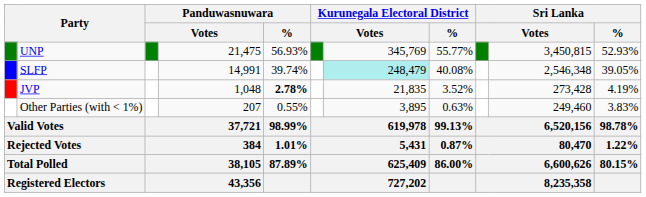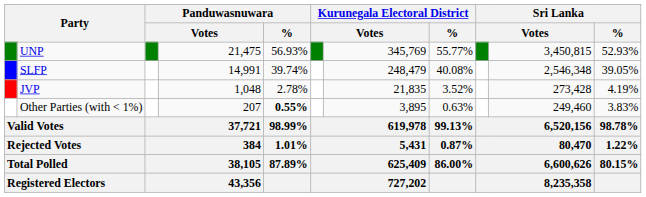 <table class="wikitable">
 <tr>
 <th colspan="2" width="144px"rowspan="2">Party</th>
 <th colspan="3" width="216px">Panduwasnuwara</th>
 <th colspan="3" width="216px"><a href='#'>Kurunegala Electoral District</a></th>
 <th colspan="3" width="216px">Sri Lanka</th>
 </tr>
 <tr>
 <th colspan="2" width="144px">Votes</th>
 <th>%</th>
 <th colspan="2" width="144px">Votes</th>
 <th>%</th>
 <th colspan="2" width="144px">Votes</th>
 <th>%</th>
 </tr>
 <tr>
 <td style="background-color:green;" width="10px"></td>
 <td style="text-align:left;"><a href='#'>UNP</a></td>
 <td style="background-color:green;" width="10px"></td>
 <td style="text-align:right;">21,475</td>
 <td style="text-align:right;">56.93%</td>
 <td style="background-color:green;" width="10px"></td>
 <td style="text-align:right;">345,769</td>
 <td style="text-align:right;">55.77%</td>
 <td style="background-color:green;" width="10px"></td>
 <td style="text-align:right;">3,450,815</td>
 <td style="text-align:right;">52.93%</td>
 </tr>
 <tr>
 <td style="background-color:blue;" width="10px"></td>
 <td style="text-align:left;"><a href='#'>SLFP</a></td>
 <td style="background-color:white;" width="10px"></td>
 <td style="text-align:right;">14,991</td>
 <td style="text-align:right;">39.74%</td>
 <td style="background-color:white;" width="10px"></td>
-<td style="background: paleturquoise; text-align:right;">248,479</td>
+<td style="text-align:right;">248,479</td>
 <td style="text-align:right;">40.08%</td>
 <td style="background-color:white;" width="10px"></td>
 <td style="text-align:right;">2,546,348</td>
 <td style="text-align:right;">39.05%</td>
 </tr>
 <tr>
 <td style="background-color:red;" width="10px"></td>
 <td style="text-align:left;"><a href='#'>JVP</a></td>
 <td style="background-color:white;" width="10px"></td>
 <td style="text-align:right;">1,048</td>
-<td style="text-align:right;"><strong>2.78%</strong></td>
+<td style="text-align:right;">2.78%</td>
 <td style="background-color:white;" width="10px"></td>
 <td style="text-align:right;">21,835</td>
 <td style="text-align:right;">3.52%</td>
 <td style="background-color:white;" width="10px"></td>
 <td style="text-align:right;">273,428</td>
 <td style="text-align:right;">4.19%</td>
 </tr>
 <tr>
 <td style="background-color:white;" width="10px"></td>
 <td style="text-align:left;">Other Parties (with < 1%)</td>
 <td style="background-color:white;" width="10px"></td>
 <td style="text-align:right;">207</td>
-<td style="text-align:right;">0.55%</td>
+<td style="text-align:right;"><strong>0.55%</strong></td>
 <td style="background-color:white;" width="10px"></td>
 <td style="text-align:right;">3,895</td>
 <td style="text-align:right;">0.63%</td>
 <td style="background-color:white;" width="10px"></td>
 <td style="text-align:right;">249,460</td>
 <td style="text-align:right;">3.83%</td>
 </tr>
 <tr>
 <th colspan="2" width="144px"style="text-align:left;">Valid Votes</th>
 <th style="text-align:right;"colspan="2" width="144px">37,721</th>
 <th style="text-align:right;">98.99%</th>
 <th style="text-align:right;"colspan="2" width="144px">619,978</th>
 <th style="text-align:right;">99.13%</th>
 <th style="text-align:right;"colspan="2" width="144px">6,520,156</th>
 <th style="text-align:right;">98.78%</th>
 </tr>
 <tr>
 <th colspan="2" width="144px"style="text-align:left;">Rejected Votes</th>
 <th style="text-align:right;"colspan="2" width="144px">384</th>
 <th style="text-align:right;">1.01%</th>
 <th style="text-align:right;"colspan="2" width="144px">5,431</th>
 <th style="text-align:right;">0.87%</th>
 <th style="text-align:right;"colspan="2" width="144px">80,470</th>
 <th style="text-align:right;">1.22%</th>
 </tr>
 <tr>
 <th colspan="2" width="144px"style="text-align:left;">Total Polled</th>
 <th style="text-align:right;"colspan="2" width="144px">38,105</th>
 <th style="text-align:right;">87.89%</th>
 <th style="text-align:right;"colspan="2" width="144px">625,409</th>
 <th style="text-align:right;">86.00%</th>
 <th style="text-align:right;"colspan="2" width="144px">6,600,626</th>
 <th style="text-align:right;">80.15%</th>
 </tr>
 <tr>
 <th colspan="2" width="144px"style="text-align:left;">Registered Electors</th>
 <th style="text-align:right;"colspan="2" width="144px">43,356</th>
 <th></th>
 <th style="text-align:right;"colspan="2" width="144px">727,202</th>
 <th></th>
 <th style="text-align:right;"colspan="2" width="144px">8,235,358</th>
 <th></th>
 </tr>
 </table>
